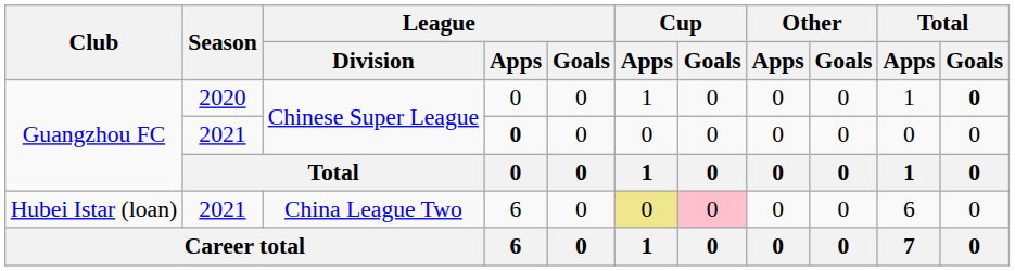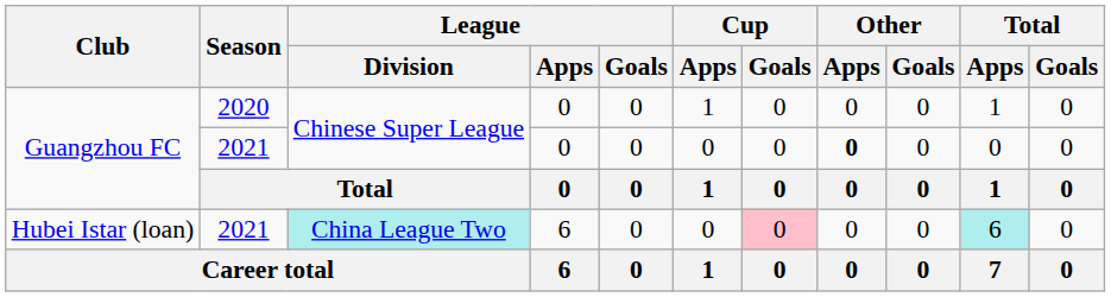 <table class="wikitable" style="text-align: center">
 <tr>
 <th rowspan="2">Club</th>
 <th rowspan="2">Season</th>
 <th colspan="3">League</th>
 <th colspan="2">Cup</th>
 <th colspan="2">Other</th>
 <th colspan="2">Total</th>
 </tr>
 <tr>
 <th>Division</th>
 <th>Apps</th>
 <th>Goals</th>
 <th>Apps</th>
 <th>Goals</th>
 <th>Apps</th>
 <th>Goals</th>
 <th>Apps</th>
 <th>Goals</th>
 </tr>
 <tr>
 <td rowspan="3"><a href='#'>Guangzhou FC</a></td>
 <td><a href='#'>2020</a></td>
 <td rowspan="2"><a href='#'>Chinese Super League</a></td>
 <td>0</td>
 <td>0</td>
 <td>1</td>
 <td>0</td>
 <td>0</td>
 <td>0</td>
 <td>1</td>
-<td><strong>0</strong></td>
+<td>0</td>
 </tr>
 <tr>
 <td><a href='#'>2021</a></td>
-<td><strong>0</strong></td>
 <td>0</td>
 <td>0</td>
 <td>0</td>
 <td>0</td>
+<td><strong>0</strong></td>
 <td>0</td>
 <td>0</td>
 <td>0</td>
 </tr>
 <tr>
 <th colspan=2>Total</th>
 <th>0</th>
 <th>0</th>
 <th>1</th>
 <th>0</th>
 <th>0</th>
 <th>0</th>
 <th>1</th>
 <th>0</th>
 </tr>
 <tr>
 <td><a href='#'>Hubei Istar</a> (loan)</td>
 <td><a href='#'>2021</a></td>
-<td><a href='#'>China League Two</a></td>
+<td style="background: paleturquoise;"><a href='#'>China League Two</a></td>
 <td>6</td>
 <td>0</td>
-<td style="background: khaki;">0</td>
+<td>0</td>
 <td style="background: pink;">0</td>
 <td>0</td>
 <td>0</td>
-<td>6</td>
+<td style="background: paleturquoise;">6</td>
 <td>0</td>
 </tr>
 <tr>
 <th colspan=3>Career total</th>
 <th>6</th>
 <th>0</th>
 <th>1</th>
 <th>0</th>
 <th>0</th>
 <th>0</th>
 <th>7</th>
 <th>0</th>
 </tr>
 </table>
